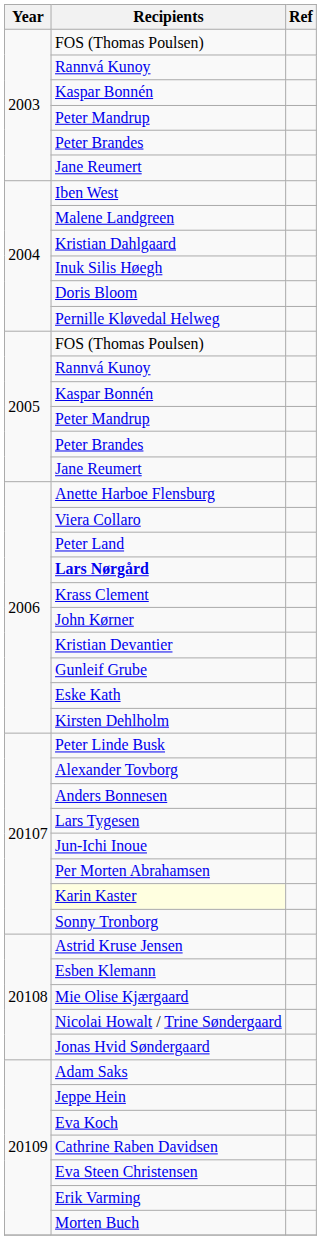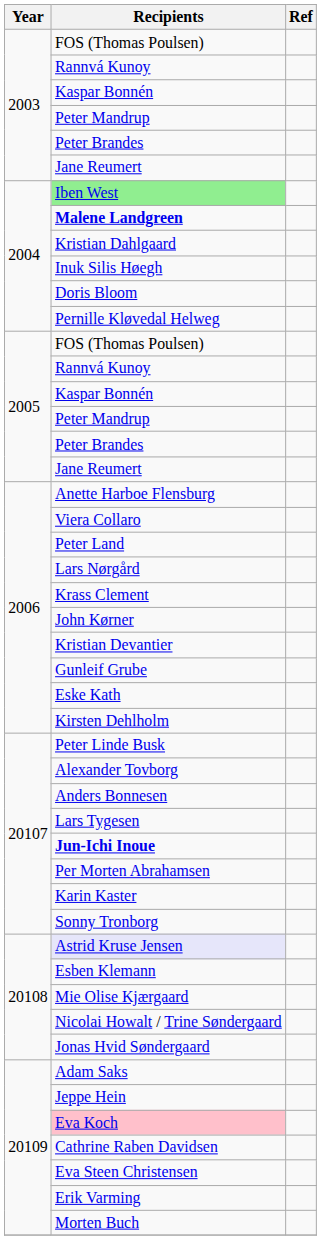 <table class="wikitable sortable">
 <tr>
 <th>Year</th>
 <th>Recipients</th>
 <th>Ref</th>
 </tr>
 <tr>
 <td rowspan="6">2003</td>
 <td>FOS (Thomas Poulsen)</td>
 <td></td>
 </tr>
 <tr>
 <td><a href='#'>Rannvá Kunoy</a></td>
 <td></td>
 </tr>
 <tr>
 <td><a href='#'>Kaspar Bonnén</a></td>
 <td></td>
 </tr>
 <tr>
 <td><a href='#'>Peter Mandrup</a></td>
 <td></td>
 </tr>
 <tr>
 <td><a href='#'>Peter Brandes</a></td>
 <td></td>
 </tr>
 <tr>
 <td><a href='#'>Jane Reumert</a></td>
 <td></td>
 </tr>
 <tr>
 <td rowspan="6">2004</td>
-<td><a href='#'>Iben West</a></td>
+<td style="background: lightgreen;"><a href='#'>Iben West</a></td>
 <td></td>
 </tr>
 <tr>
-<td><a href='#'>Malene Landgreen</a></td>
+<td><strong><a href='#'>Malene Landgreen</a></strong></td>
 <td></td>
 </tr>
 <tr>
 <td><a href='#'>Kristian Dahlgaard</a></td>
 <td></td>
 </tr>
 <tr>
 <td><a href='#'>Inuk Silis Høegh</a></td>
 <td></td>
 </tr>
 <tr>
 <td><a href='#'>Doris Bloom</a></td>
 <td></td>
 </tr>
 <tr>
 <td><a href='#'>Pernille Kløvedal Helweg</a></td>
 <td></td>
 </tr>
 <tr>
 <td rowspan="6">2005</td>
 <td>FOS (Thomas Poulsen)</td>
 <td></td>
 </tr>
 <tr>
 <td><a href='#'>Rannvá Kunoy</a></td>
 <td></td>
 </tr>
 <tr>
 <td><a href='#'>Kaspar Bonnén</a></td>
 <td></td>
 </tr>
 <tr>
 <td><a href='#'>Peter Mandrup</a></td>
 <td></td>
 </tr>
 <tr>
 <td><a href='#'>Peter Brandes</a></td>
 <td></td>
 </tr>
 <tr>
 <td><a href='#'>Jane Reumert</a></td>
 <td></td>
 </tr>
 <tr>
 <td rowspan="10">2006</td>
 <td><a href='#'>Anette Harboe Flensburg</a></td>
 <td></td>
 </tr>
 <tr>
 <td><a href='#'>Viera Collaro</a></td>
 <td></td>
 </tr>
 <tr>
 <td><a href='#'>Peter Land</a></td>
 <td></td>
 </tr>
 <tr>
-<td><strong><a href='#'>Lars Nørgård</a></strong></td>
+<td><a href='#'>Lars Nørgård</a></td>
 <td></td>
 </tr>
 <tr>
 <td><a href='#'>Krass Clement</a></td>
 <td></td>
 </tr>
 <tr>
 <td><a href='#'>John Kørner</a></td>
 <td></td>
 </tr>
 <tr>
 <td><a href='#'>Kristian Devantier</a></td>
 <td></td>
 </tr>
 <tr>
 <td><a href='#'>Gunleif Grube</a></td>
 <td></td>
 </tr>
 <tr>
 <td><a href='#'>Eske Kath</a></td>
 <td></td>
 </tr>
 <tr>
 <td><a href='#'>Kirsten Dehlholm</a></td>
 <td></td>
 </tr>
 <tr>
 <td rowspan="8">20107</td>
 <td><a href='#'>Peter Linde Busk</a></td>
 <td></td>
 </tr>
 <tr>
 <td><a href='#'>Alexander Tovborg</a></td>
 <td></td>
 </tr>
 <tr>
 <td><a href='#'>Anders Bonnesen</a></td>
 <td></td>
 </tr>
 <tr>
 <td><a href='#'>Lars Tygesen</a></td>
 <td></td>
 </tr>
 <tr>
-<td><a href='#'>Jun-Ichi Inoue</a></td>
+<td><strong><a href='#'>Jun-Ichi Inoue</a></strong></td>
 <td></td>
 </tr>
 <tr>
 <td><a href='#'>Per Morten Abrahamsen</a></td>
 <td></td>
 </tr>
 <tr>
-<td style="background: lightyellow;"><a href='#'>Karin Kaster</a></td>
+<td><a href='#'>Karin Kaster</a></td>
 <td></td>
 </tr>
 <tr>
 <td><a href='#'>Sonny Tronborg</a></td>
 <td></td>
 </tr>
 <tr>
 <td rowspan="5">20108</td>
-<td><a href='#'>Astrid Kruse Jensen</a></td>
+<td style="background: lavender;"><a href='#'>Astrid Kruse Jensen</a></td>
 <td></td>
 </tr>
 <tr>
 <td><a href='#'>Esben Klemann</a></td>
 <td></td>
 </tr>
 <tr>
 <td><a href='#'>Mie Olise Kjærgaard</a></td>
 <td></td>
 </tr>
 <tr>
 <td><a href='#'>Nicolai Howalt</a> / <a href='#'>Trine Søndergaard</a></td>
 <td></td>
 </tr>
 <tr>
 <td><a href='#'>Jonas Hvid Søndergaard</a></td>
 <td></td>
 </tr>
 <tr>
 <td rowspan="7">20109</td>
 <td><a href='#'>Adam Saks</a></td>
 <td></td>
 </tr>
 <tr>
 <td><a href='#'>Jeppe Hein</a></td>
 <td></td>
 </tr>
 <tr>
-<td><a href='#'>Eva Koch</a></td>
+<td style="background: pink;"><a href='#'>Eva Koch</a></td>
 <td></td>
 </tr>
 <tr>
 <td><a href='#'>Cathrine Raben Davidsen</a></td>
 <td></td>
 </tr>
 <tr>
 <td><a href='#'>Eva Steen Christensen</a></td>
 <td></td>
 </tr>
 <tr>
 <td><a href='#'>Erik Varming</a></td>
 <td></td>
 </tr>
 <tr>
 <td><a href='#'>Morten Buch</a></td>
 <td></td>
 </tr>
 <tr>
 </tr>
 </table>
